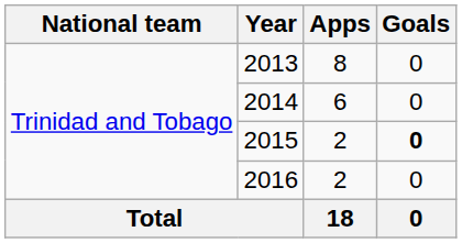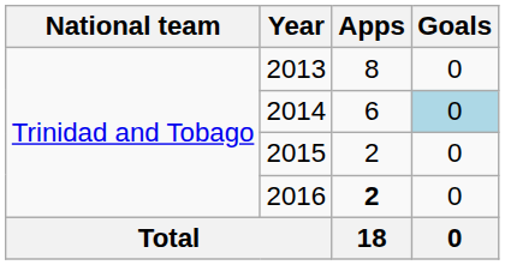 <table class="wikitable" style="text-align: center;">
 <tr>
 <th>National team</th>
 <th>Year</th>
 <th>Apps</th>
 <th>Goals</th>
 </tr>
 <tr>
 <td rowspan="4"><a href='#'>Trinidad and Tobago</a></td>
 <td>2013</td>
 <td>8</td>
 <td>0</td>
 </tr>
 <tr>
 <td>2014</td>
 <td>6</td>
-<td>0</td>
+<td style="background: lightblue;">0</td>
 </tr>
 <tr>
 <td>2015</td>
 <td>2</td>
-<td><strong>0</strong></td>
+<td>0</td>
 </tr>
 <tr>
 <td>2016</td>
-<td>2</td>
+<td><strong>2</strong></td>
 <td>0</td>
 </tr>
 <tr>
 <th colspan=2>Total</th>
 <th>18</th>
 <th>0</th>
 </tr>
 </table>
